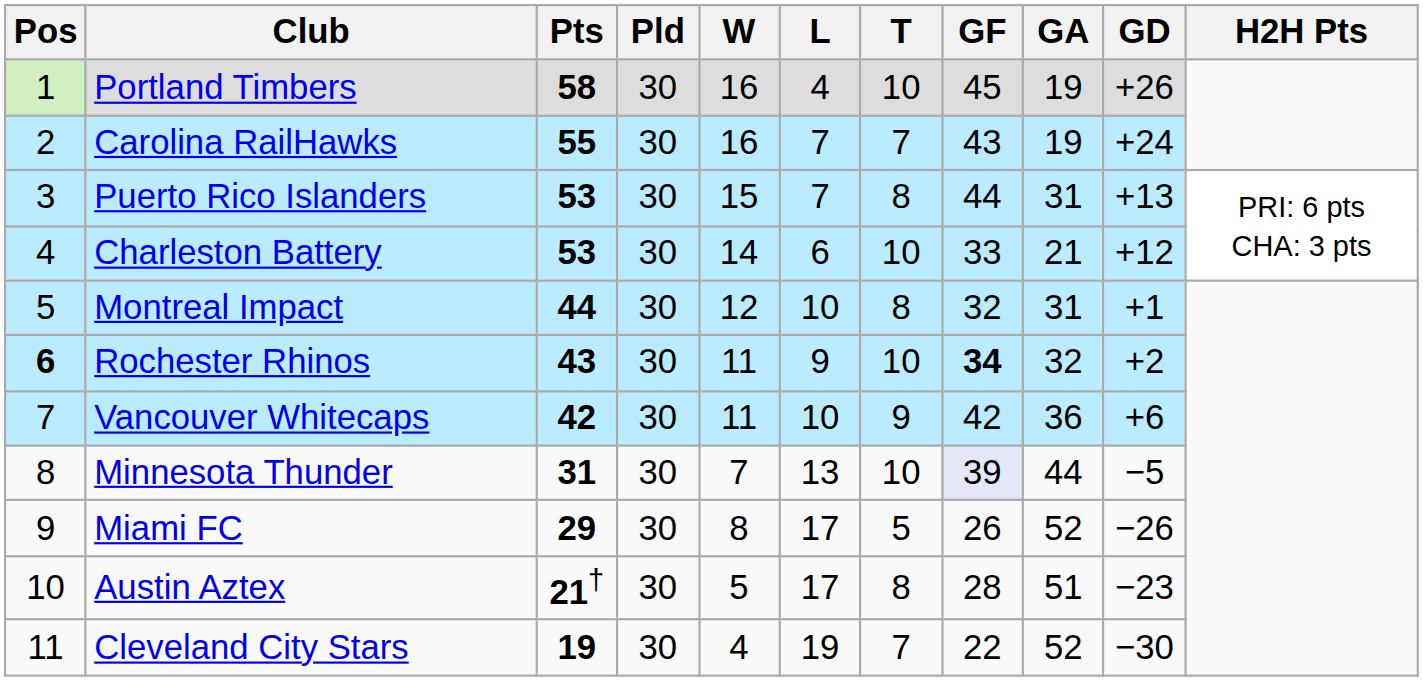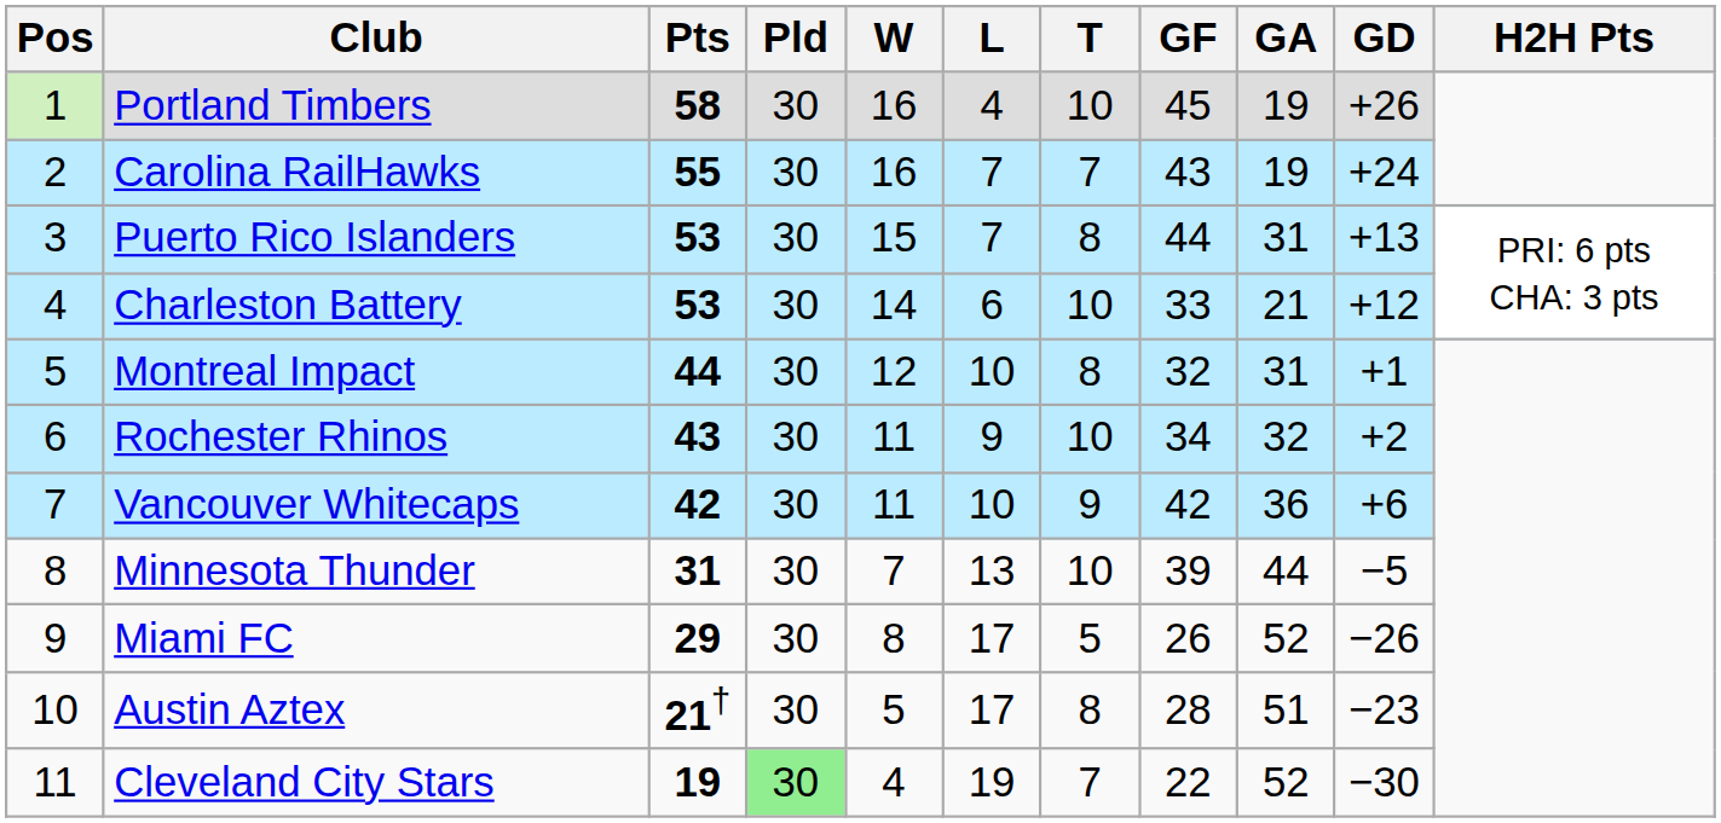 <table class="wikitable" style="text-align:center">
 <tr>
 <th width=30>Pos</th>
 <th width=200>Club</th>
 <th width=30>Pts</th>
 <th width=30>Pld</th>
 <th width=30>W</th>
 <th width=30>L</th>
 <th width=30>T</th>
 <th width=30>GF</th>
 <th width=30>GA</th>
 <th width=30>GD</th>
 <th width=100>H2H Pts</th>
 </tr>
 <tr bgcolor=#DDDDDD>
 <td bgcolor=#D0F0C0>1</td>
 <td align="left"><a href='#'>Portland Timbers</a></td>
 <td><strong>58</strong></td>
 <td>30</td>
 <td>16</td>
 <td>4</td>
 <td>10</td>
 <td>45</td>
 <td>19</td>
 <td>+26</td>
 </tr>
 <tr bgcolor=#BBEBFF>
 <td>2</td>
 <td align="left"><a href='#'>Carolina RailHawks</a></td>
 <td><strong>55</strong></td>
 <td>30</td>
 <td>16</td>
 <td>7</td>
 <td>7</td>
 <td>43</td>
 <td>19</td>
 <td>+24</td>
 </tr>
 <tr bgcolor=#BBEBFF>
 <td>3</td>
 <td align="left"><a href='#'>Puerto Rico Islanders</a></td>
 <td><strong>53</strong></td>
 <td>30</td>
 <td>15</td>
 <td>7</td>
 <td>8</td>
 <td>44</td>
 <td>31</td>
 <td>+13</td>
 <td rowspan="2" bgcolor="FFFFFF"><small>PRI: 6 pts<br>CHA: 3 pts</small></td>
 </tr>
 <tr bgcolor=#BBEBFF>
 <td>4</td>
 <td align="left"><a href='#'>Charleston Battery</a></td>
 <td><strong>53</strong></td>
 <td>30</td>
 <td>14</td>
 <td>6</td>
 <td>10</td>
 <td>33</td>
 <td>21</td>
 <td>+12</td>
 </tr>
 <tr bgcolor=#BBEBFF>
 <td>5</td>
 <td align="left"><a href='#'>Montreal Impact</a></td>
 <td><strong>44</strong></td>
 <td>30</td>
 <td>12</td>
 <td>10</td>
 <td>8</td>
 <td>32</td>
 <td>31</td>
 <td>+1</td>
 </tr>
 <tr bgcolor=#BBEBFF>
-<td><strong>6</strong></td>
+<td>6</td>
 <td align="left"><a href='#'>Rochester Rhinos</a></td>
 <td><strong>43</strong></td>
 <td>30</td>
 <td>11</td>
 <td>9</td>
 <td>10</td>
-<td><strong>34</strong></td>
+<td>34</td>
 <td>32</td>
 <td>+2</td>
 </tr>
 <tr bgcolor=#BBEBFF>
 <td>7</td>
 <td align="left"><a href='#'>Vancouver Whitecaps</a></td>
 <td><strong>42</strong></td>
 <td>30</td>
 <td>11</td>
 <td>10</td>
 <td>9</td>
 <td>42</td>
 <td>36</td>
 <td>+6</td>
 </tr>
 <tr>
 <td>8</td>
 <td align="left"><a href='#'>Minnesota Thunder</a></td>
 <td><strong>31</strong></td>
 <td>30</td>
 <td>7</td>
 <td>13</td>
 <td>10</td>
-<td style="background: lavender;">39</td>
+<td>39</td>
 <td>44</td>
 <td>−5</td>
 </tr>
 <tr>
 <td>9</td>
 <td align="left"><a href='#'>Miami FC</a></td>
 <td><strong>29</strong></td>
 <td>30</td>
 <td>8</td>
 <td>17</td>
 <td>5</td>
 <td>26</td>
 <td>52</td>
 <td>−26</td>
 </tr>
 <tr>
 <td>10</td>
 <td align="left"><a href='#'>Austin Aztex</a></td>
 <td><strong>21</strong><sup>†</sup></td>
 <td>30</td>
 <td>5</td>
 <td>17</td>
 <td>8</td>
 <td>28</td>
 <td>51</td>
 <td>−23</td>
 </tr>
 <tr>
 <td>11</td>
 <td align="left"><a href='#'>Cleveland City Stars</a></td>
 <td><strong>19</strong></td>
-<td>30</td>
+<td style="background: lightgreen;">30</td>
 <td>4</td>
 <td>19</td>
 <td>7</td>
 <td>22</td>
 <td>52</td>
 <td>−30</td>
 </tr>
 </table>
